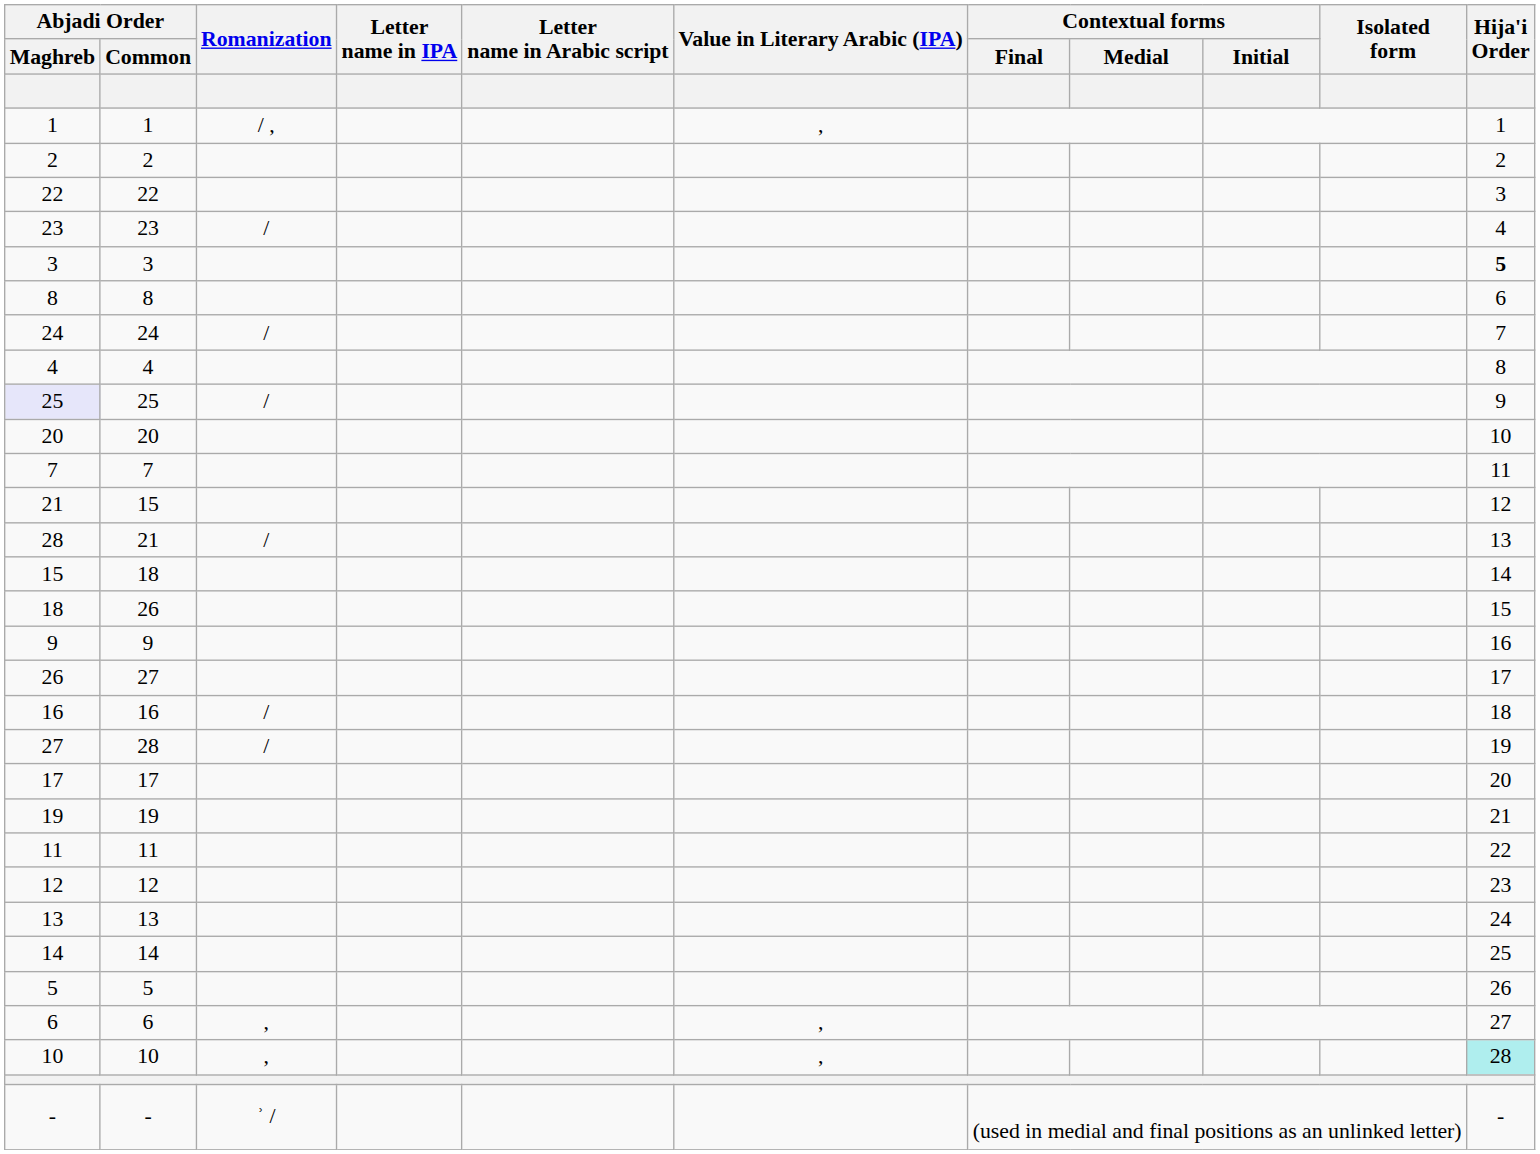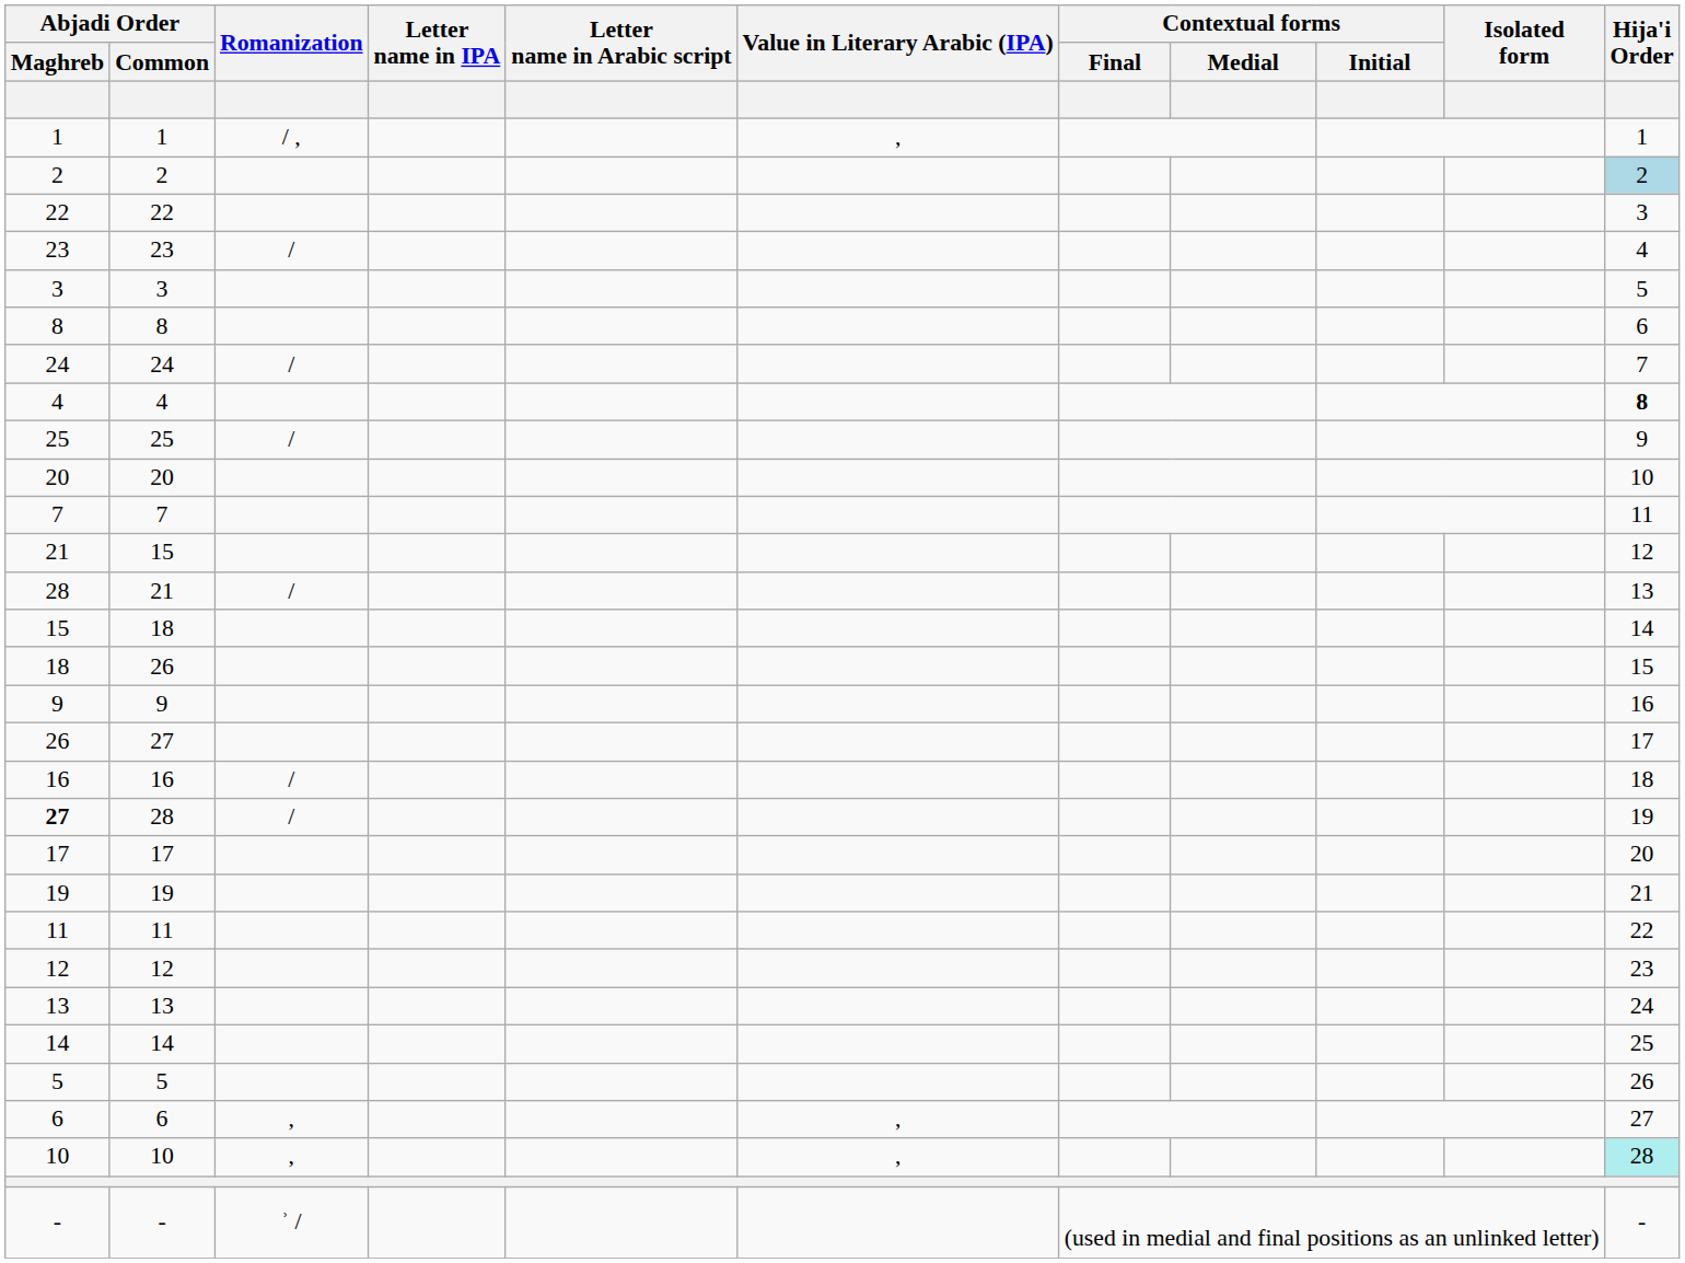 <table class="wikitable sortable" style="text-align:center;">
 <tr>
 <th colspan="2">Abjadi Order</th>
 <th rowspan="2"><a href='#'>Romanization</a></th>
 <th rowspan="2">Letter <br> name in <a href='#'>IPA</a></th>
 <th rowspan="2">Letter <br> name in Arabic script</th>
 <th rowspan="2">Value in Literary Arabic (<a href='#'>IPA</a>)</th>
 <th colspan="3">Contextual forms</th>
 <th rowspan="2">Isolated <br> form</th>
 <th rowspan="2">Hija'i<br>Order</th>
 </tr>
 <tr>
 <th>Maghreb</th>
 <th>Common</th>
 <th>Final</th>
 <th>Medial</th>
 <th>Initial</th>
 </tr>
 <tr>
 <th></th>
 <th></th>
 <th></th>
 <th></th>
 <th></th>
 <th></th>
 <th></th>
 <th></th>
 <th></th>
 <th> </th>
 <th></th>
 </tr>
 <tr>
 <td data-sort-value="01.">1</td>
 <td data-sort-value="01.">1</td>
 <td> / , </td>
 <td></td>
 <td></td>
 <td>, </td>
 <td colspan="2"></td>
 <td colspan="2"></td>
 <td data-sort-value="01.">1</td>
 </tr>
 <tr>
 <td data-sort-value="02.">2</td>
 <td data-sort-value="02.">2</td>
 <td></td>
 <td></td>
 <td></td>
 <td></td>
 <td></td>
 <td></td>
 <td></td>
 <td></td>
-<td data-sort-value="02.">2</td>
+<td data-sort-value="02." style="background: lightblue;">2</td>
 </tr>
 <tr>
 <td>22</td>
 <td>22</td>
 <td></td>
 <td></td>
 <td></td>
 <td></td>
 <td></td>
 <td></td>
 <td></td>
 <td></td>
 <td data-sort-value="03.">3</td>
 </tr>
 <tr>
 <td>23</td>
 <td>23</td>
 <td> / </td>
 <td></td>
 <td></td>
 <td></td>
 <td></td>
 <td></td>
 <td></td>
 <td></td>
 <td data-sort-value="04.">4</td>
 </tr>
 <tr>
 <td data-sort-value="03.">3</td>
 <td data-sort-value="03.">3</td>
 <td></td>
 <td></td>
 <td></td>
 <td></td>
 <td></td>
 <td></td>
 <td></td>
 <td></td>
-<td data-sort-value="05."><strong>5</strong></td>
+<td data-sort-value="05.">5</td>
 </tr>
 <tr>
 <td data-sort-value="08.">8</td>
 <td data-sort-value="08.">8</td>
 <td></td>
 <td></td>
 <td></td>
 <td></td>
 <td></td>
 <td></td>
 <td></td>
 <td></td>
 <td data-sort-value="06.">6</td>
 </tr>
 <tr>
 <td>24</td>
 <td>24</td>
 <td> / </td>
 <td></td>
 <td></td>
 <td></td>
 <td></td>
 <td></td>
 <td></td>
 <td></td>
 <td data-sort-value="07.">7</td>
 </tr>
 <tr>
 <td data-sort-value="04.">4</td>
 <td data-sort-value="04.">4</td>
 <td></td>
 <td></td>
 <td></td>
 <td></td>
 <td colspan="2"></td>
 <td colspan="2"></td>
-<td data-sort-value="08.">8</td>
+<td data-sort-value="08."><strong>8</strong></td>
 </tr>
 <tr>
-<td style="background: lavender;">25</td>
+<td>25</td>
 <td>25</td>
 <td> / </td>
 <td></td>
 <td></td>
 <td></td>
 <td colspan="2"></td>
 <td colspan="2"></td>
 <td data-sort-value="09.">9</td>
 </tr>
 <tr>
 <td>20</td>
 <td>20</td>
 <td></td>
 <td></td>
 <td></td>
 <td></td>
 <td colspan="2"></td>
 <td colspan="2"></td>
 <td>10</td>
 </tr>
 <tr>
 <td data-sort-value="07.">7</td>
 <td data-sort-value="07.">7</td>
 <td></td>
 <td></td>
 <td> </td>
 <td></td>
 <td colspan="2"></td>
 <td colspan="2"></td>
 <td>11</td>
 </tr>
 <tr>
 <td>21</td>
 <td>15</td>
 <td></td>
 <td></td>
 <td></td>
 <td></td>
 <td></td>
 <td></td>
 <td></td>
 <td></td>
 <td>12</td>
 </tr>
 <tr>
 <td>28</td>
 <td>21</td>
 <td> / </td>
 <td></td>
 <td></td>
 <td></td>
 <td></td>
 <td></td>
 <td></td>
 <td></td>
 <td>13</td>
 </tr>
 <tr>
 <td>15</td>
 <td>18</td>
 <td></td>
 <td></td>
 <td></td>
 <td></td>
 <td></td>
 <td></td>
 <td></td>
 <td></td>
 <td>14</td>
 </tr>
 <tr>
 <td>18</td>
 <td>26</td>
 <td></td>
 <td></td>
 <td></td>
 <td></td>
 <td></td>
 <td></td>
 <td></td>
 <td></td>
 <td>15</td>
 </tr>
 <tr>
 <td data-sort-value="09.">9</td>
 <td data-sort-value="09.">9</td>
 <td></td>
 <td></td>
 <td></td>
 <td></td>
 <td></td>
 <td></td>
 <td></td>
 <td></td>
 <td>16</td>
 </tr>
 <tr>
 <td>26</td>
 <td>27</td>
 <td></td>
 <td></td>
 <td></td>
 <td></td>
 <td></td>
 <td></td>
 <td></td>
 <td></td>
 <td>17</td>
 </tr>
 <tr>
 <td>16</td>
 <td>16</td>
 <td> / </td>
 <td></td>
 <td></td>
 <td></td>
 <td></td>
 <td></td>
 <td></td>
 <td></td>
 <td>18</td>
 </tr>
 <tr>
-<td>27</td>
+<td><strong>27</strong></td>
 <td>28</td>
 <td> / </td>
 <td></td>
 <td></td>
 <td></td>
 <td></td>
 <td></td>
 <td></td>
 <td></td>
 <td>19</td>
 </tr>
 <tr>
 <td>17</td>
 <td>17</td>
 <td></td>
 <td></td>
 <td></td>
 <td></td>
 <td></td>
 <td></td>
 <td></td>
 <td></td>
 <td>20</td>
 </tr>
 <tr>
 <td>19</td>
 <td>19</td>
 <td></td>
 <td></td>
 <td></td>
 <td></td>
 <td></td>
 <td></td>
 <td></td>
 <td></td>
 <td>21</td>
 </tr>
 <tr>
 <td>11</td>
 <td>11</td>
 <td></td>
 <td></td>
 <td></td>
 <td></td>
 <td></td>
 <td></td>
 <td></td>
 <td></td>
 <td>22</td>
 </tr>
 <tr>
 <td>12</td>
 <td>12</td>
 <td></td>
 <td></td>
 <td></td>
 <td></td>
 <td></td>
 <td></td>
 <td></td>
 <td></td>
 <td>23</td>
 </tr>
 <tr>
 <td>13</td>
 <td>13</td>
 <td></td>
 <td></td>
 <td></td>
 <td></td>
 <td></td>
 <td></td>
 <td></td>
 <td></td>
 <td>24</td>
 </tr>
 <tr>
 <td>14</td>
 <td>14</td>
 <td></td>
 <td></td>
 <td></td>
 <td></td>
 <td></td>
 <td></td>
 <td></td>
 <td></td>
 <td>25</td>
 </tr>
 <tr>
 <td data-sort-value="05.">5</td>
 <td data-sort-value="05.">5</td>
 <td></td>
 <td></td>
 <td></td>
 <td></td>
 <td></td>
 <td></td>
 <td></td>
 <td></td>
 <td>26</td>
 </tr>
 <tr>
 <td data-sort-value="06.">6</td>
 <td data-sort-value="06.">6</td>
 <td>, </td>
 <td></td>
 <td></td>
 <td>, </td>
 <td colspan="2"></td>
 <td colspan="2"></td>
 <td>27</td>
 </tr>
 <tr>
 <td>10</td>
 <td>10</td>
 <td>, </td>
 <td></td>
 <td></td>
 <td>, </td>
 <td></td>
 <td></td>
 <td></td>
 <td></td>
 <td style="background: paleturquoise;">28</td>
 </tr>
 <tr>
 <th colspan="11"></th>
 </tr>
 <tr>
 <td>-</td>
 <td>-</td>
 <td>ʾ / </td>
 <td></td>
 <td></td>
 <td></td>
 <td colspan="4"><sub></sub><br>(used in medial and final positions as an unlinked letter)</td>
 <td>-</td>
 </tr>
 </table>
